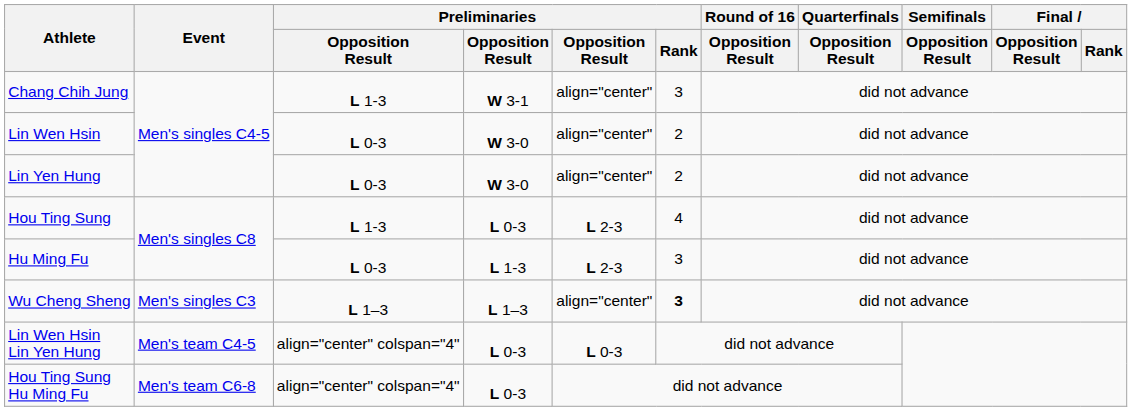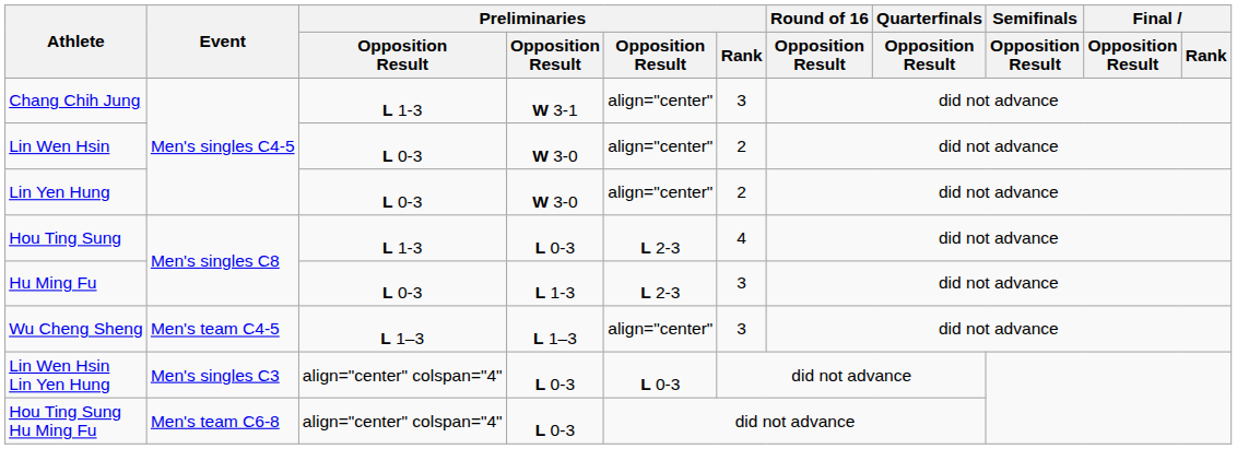 <table class=wikitable style="font-size:90%">
 <tr>
 <th rowspan="2">Athlete</th>
 <th rowspan="2">Event</th>
 <th colspan="4">Preliminaries</th>
 <th>Round of 16</th>
 <th>Quarterfinals</th>
 <th>Semifinals</th>
 <th colspan="2">Final / </th>
 </tr>
 <tr>
 <th>Opposition<br>Result</th>
 <th>Opposition<br>Result</th>
 <th>Opposition<br>Result</th>
 <th>Rank</th>
 <th>Opposition<br>Result</th>
 <th>Opposition<br>Result</th>
 <th>Opposition<br>Result</th>
 <th>Opposition<br>Result</th>
 <th>Rank</th>
 </tr>
 <tr>
 <td><a href='#'>Chang Chih Jung</a></td>
 <td rowspan="3"><a href='#'>Men's singles C4-5</a></td>
 <td align="center"><br><strong>L</strong> 1-3</td>
 <td align="center"><br><strong>W</strong> 3-1</td>
 <td>align="center" </td>
 <td align="center">3</td>
 <td align="center" colspan="5">did not advance</td>
 </tr>
 <tr>
 <td><a href='#'>Lin Wen Hsin</a></td>
 <td align="center"><br><strong>L</strong> 0-3</td>
 <td align="center"><br><strong>W</strong> 3-0</td>
 <td>align="center" </td>
 <td align="center">2</td>
 <td align="center" colspan="5">did not advance</td>
 </tr>
 <tr>
 <td><a href='#'>Lin Yen Hung</a></td>
 <td align="center"><br><strong>L</strong> 0-3</td>
 <td align="center"><br><strong>W</strong> 3-0</td>
 <td>align="center" </td>
 <td align="center">2</td>
 <td align="center" colspan="5">did not advance</td>
 </tr>
 <tr>
 <td><a href='#'>Hou Ting Sung</a></td>
 <td rowspan="2"><a href='#'>Men's singles C8</a></td>
 <td align="center"><br><strong>L</strong> 1-3</td>
 <td align="center"><br><strong>L</strong> 0-3</td>
 <td align="center"><br><strong>L</strong> 2-3</td>
 <td align="center">4</td>
 <td align="center" colspan="5">did not advance</td>
 </tr>
 <tr>
 <td><a href='#'>Hu Ming Fu</a></td>
 <td align="center"><br><strong>L</strong> 0-3</td>
 <td align="center"><br><strong>L</strong> 1-3</td>
 <td align="center"><br><strong>L</strong> 2-3</td>
 <td align="center">3</td>
 <td align="center" colspan="5">did not advance</td>
 </tr>
 <tr>
 <td><a href='#'>Wu Cheng Sheng</a></td>
-<td><a href='#'>Men's singles C3</a></td>
+<td><a href='#'>Men's team C4-5</a></td>
 <td align="center"><br><strong>L</strong> 1–3</td>
 <td align="center"><br><strong>L</strong> 1–3</td>
 <td>align="center" </td>
-<td align="center"><strong>3</strong></td>
+<td align="center">3</td>
 <td align="center" colspan="5">did not advance</td>
 </tr>
 <tr>
 <td><a href='#'>Lin Wen Hsin</a><br> <a href='#'>Lin Yen Hung</a></td>
-<td><a href='#'>Men's team C4-5</a></td>
+<td><a href='#'>Men's singles C3</a></td>
 <td>align="center" colspan="4" </td>
 <td align="center"><br><strong>L</strong> 0-3</td>
 <td align="center"><br><strong>L</strong> 0-3</td>
 <td align="center" colspan="3">did not advance</td>
 </tr>
 <tr>
 <td><a href='#'>Hou Ting Sung</a><br> <a href='#'>Hu Ming Fu</a></td>
 <td><a href='#'>Men's team C6-8</a></td>
 <td>align="center" colspan="4" </td>
 <td align="center"><br><strong>L</strong> 0-3</td>
 <td align="center" colspan="4">did not advance</td>
 </tr>
 </table>
